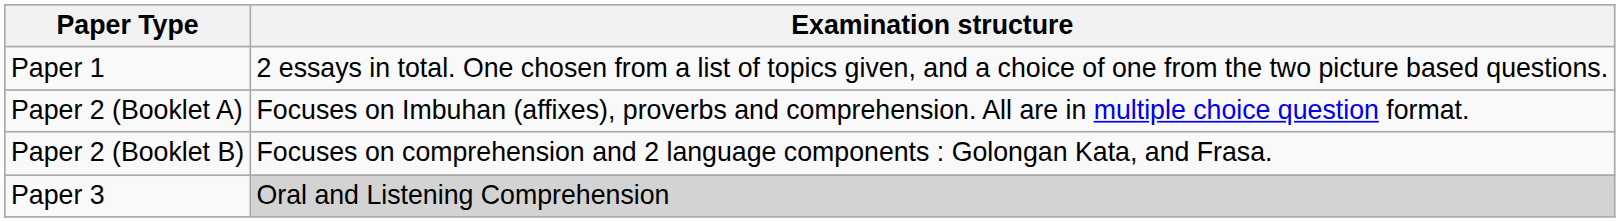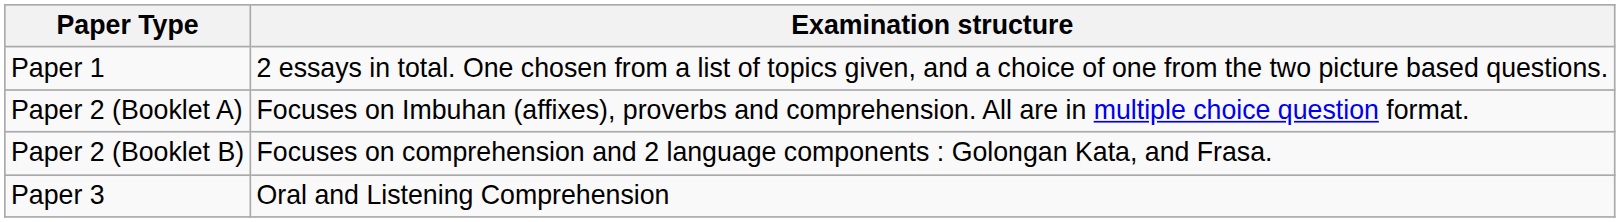 <table class="wikitable">
 <tr>
 <th>Paper Type</th>
 <th>Examination structure</th>
 </tr>
 <tr>
 <td>Paper 1</td>
 <td>2 essays in total. One chosen from a list of topics given, and a choice of one from the two picture based questions.</td>
 </tr>
 <tr>
 <td>Paper 2 (Booklet A)</td>
 <td>Focuses on Imbuhan (affixes), proverbs and comprehension. All are in <a href='#'>multiple choice question</a> format.</td>
 </tr>
 <tr>
 <td>Paper 2 (Booklet B)</td>
 <td>Focuses on comprehension and 2 language components : Golongan Kata, and Frasa.</td>
 </tr>
 <tr>
 <td>Paper 3</td>
-<td style="background: lightgrey;">Oral and Listening Comprehension</td>
+<td>Oral and Listening Comprehension</td>
 </tr>
 </table>
